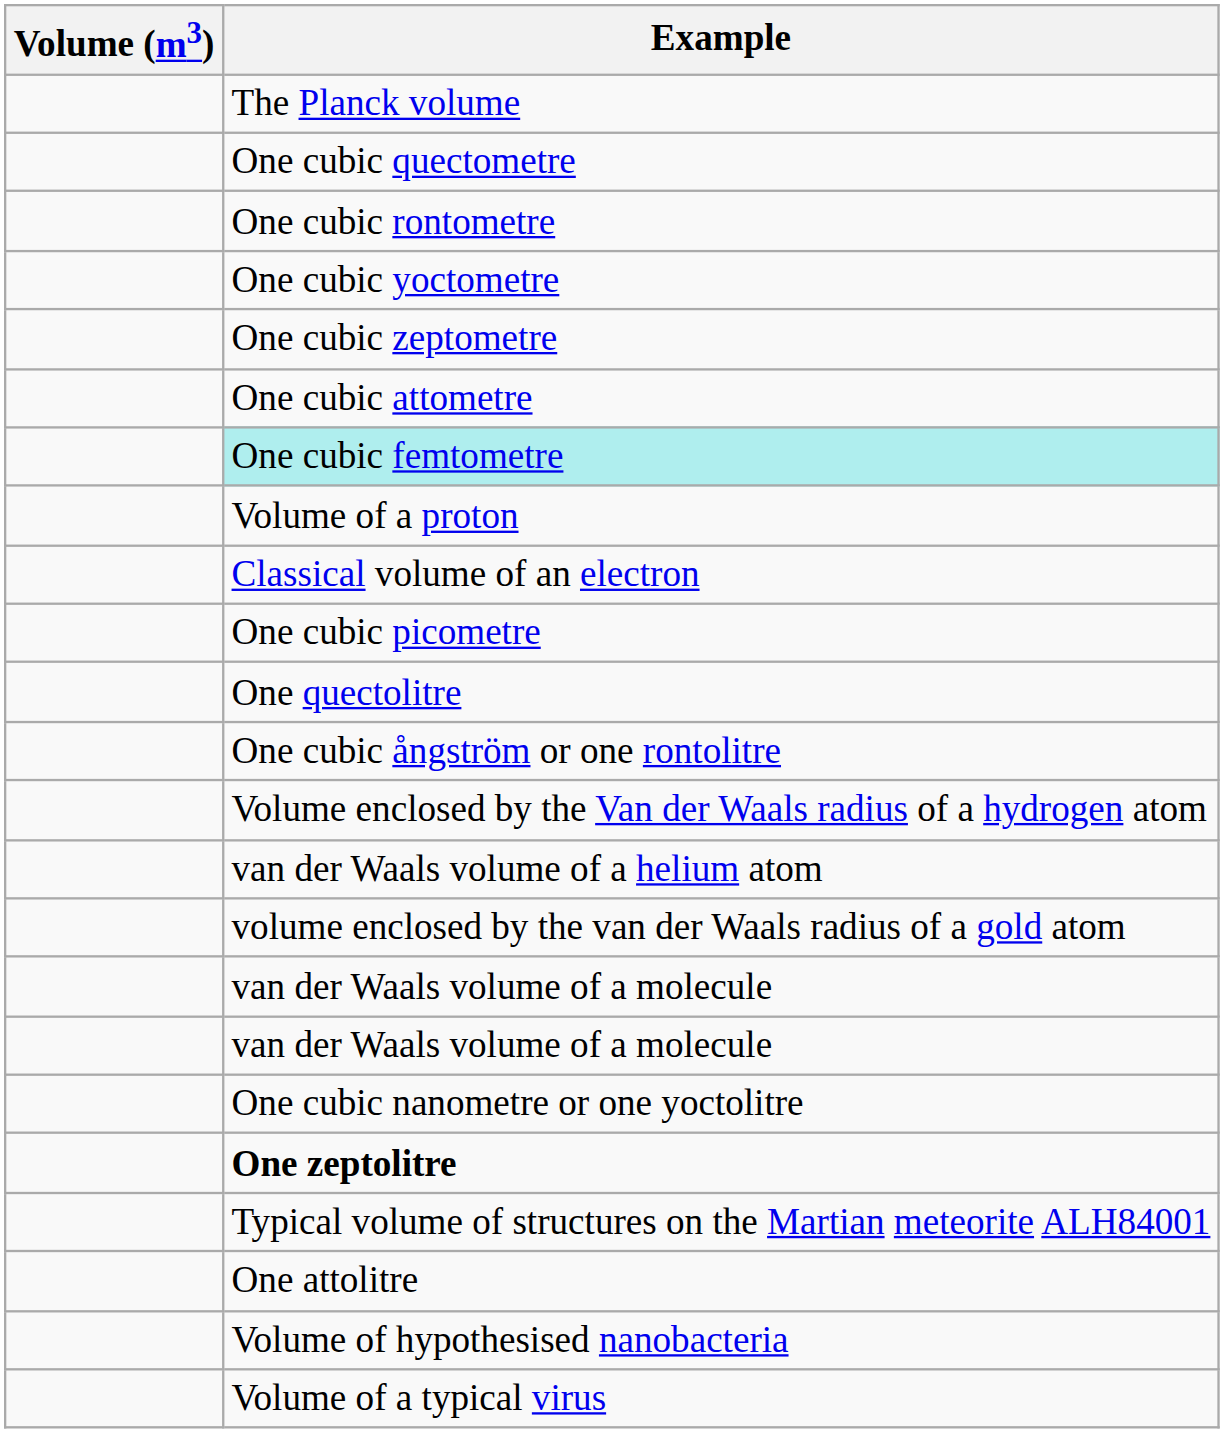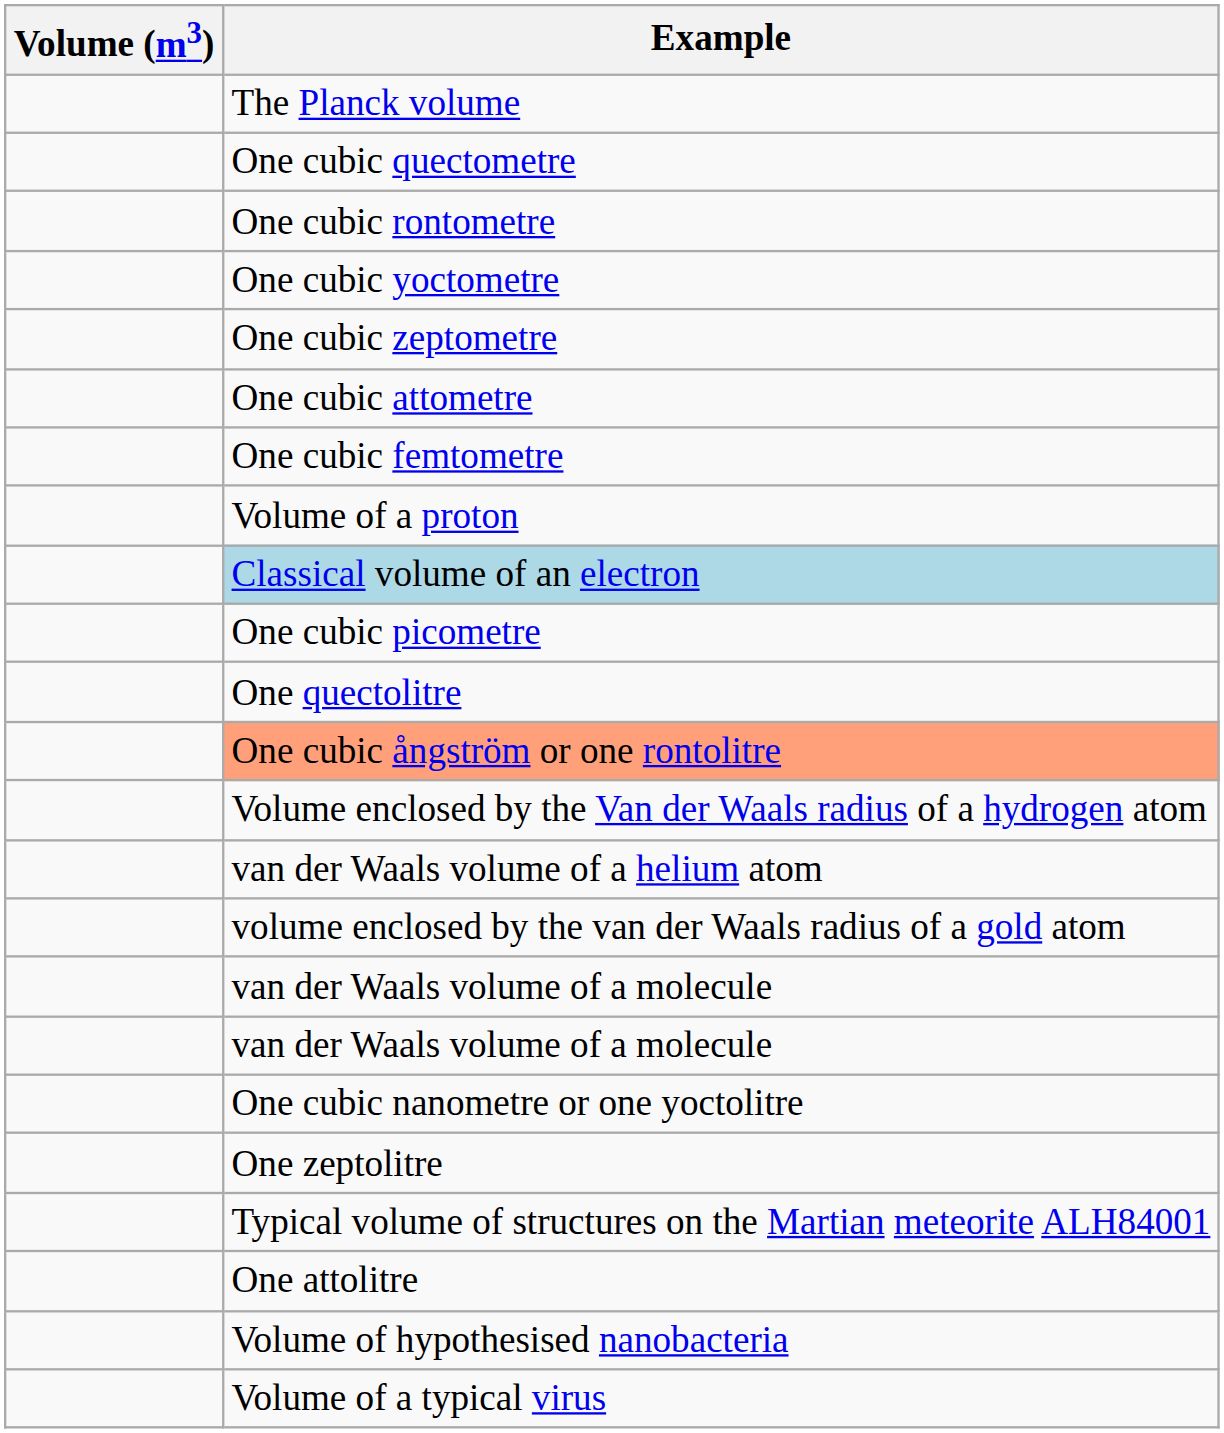 <table class=wikitable>
 <tr>
 <th>Volume (<a href='#'>m<sup>3</sup></a>)</th>
 <th>Example</th>
 </tr>
 <tr>
 <td align=right valign=top></td>
 <td>The <a href='#'>Planck volume</a></td>
 </tr>
 <tr>
 <td align=right valign=top></td>
 <td>One cubic <a href='#'>quectometre</a></td>
 </tr>
 <tr>
 <td align=right valign=top></td>
 <td>One cubic <a href='#'>rontometre</a></td>
 </tr>
 <tr>
 <td align=right valign=top></td>
 <td>One cubic <a href='#'>yoctometre</a></td>
 </tr>
 <tr>
 <td align=right valign=top></td>
 <td>One cubic <a href='#'>zeptometre</a></td>
 </tr>
 <tr>
 <td align=right valign=top></td>
 <td>One cubic <a href='#'>attometre</a></td>
 </tr>
 <tr>
 <td align=right valign=top></td>
-<td style="background: paleturquoise;">One cubic <a href='#'>femtometre</a></td>
+<td>One cubic <a href='#'>femtometre</a></td>
 </tr>
 <tr>
 <td align=right valign=top></td>
 <td>Volume of a <a href='#'>proton</a></td>
 </tr>
 <tr>
 <td align=right valign=top></td>
-<td><a href='#'>Classical</a> volume of an <a href='#'>electron</a></td>
+<td style="background: lightblue;"><a href='#'>Classical</a> volume of an <a href='#'>electron</a></td>
 </tr>
 <tr>
 <td align=right valign=top></td>
 <td>One cubic <a href='#'>picometre</a></td>
 </tr>
 <tr>
 <td align=right valign=top></td>
 <td>One <a href='#'>quectolitre</a></td>
 </tr>
 <tr>
 <td align=right valign=top></td>
-<td>One cubic <a href='#'>ångström</a> or one <a href='#'>rontolitre</a></td>
+<td style="background: lightsalmon;">One cubic <a href='#'>ångström</a> or one <a href='#'>rontolitre</a></td>
 </tr>
 <tr>
 <td align=right valign=top></td>
 <td>Volume enclosed by the <a href='#'>Van der Waals radius</a> of a <a href='#'>hydrogen</a> atom</td>
 </tr>
 <tr>
 <td align=right valign=top></td>
 <td>van der Waals volume of a <a href='#'>helium</a> atom</td>
 </tr>
 <tr>
 <td align=right valign=top></td>
 <td>volume enclosed by the van der Waals radius of a <a href='#'>gold</a> atom</td>
 </tr>
 <tr>
 <td align=right valign=top></td>
 <td>van der Waals volume of a  molecule</td>
 </tr>
 <tr>
 <td align=right valign=top></td>
 <td>van der Waals volume of a  molecule</td>
 </tr>
 <tr>
 <td align=right valign=top></td>
 <td>One cubic nanometre or one yoctolitre</td>
 </tr>
 <tr>
 <td align=right valign=top></td>
-<td><strong>One zeptolitre</strong></td>
+<td>One zeptolitre</td>
 </tr>
 <tr>
 <td align=right valign=top></td>
 <td>Typical volume of structures on the <a href='#'>Martian</a> <a href='#'>meteorite</a> <a href='#'>ALH84001</a></td>
 </tr>
 <tr>
 <td align=right valign=top></td>
 <td>One attolitre</td>
 </tr>
 <tr>
 <td align=right valign=top></td>
 <td>Volume of hypothesised <a href='#'>nanobacteria</a></td>
 </tr>
 <tr>
 <td align=right valign=top></td>
 <td>Volume of a typical <a href='#'>virus</a></td>
 </tr>
 </table>
